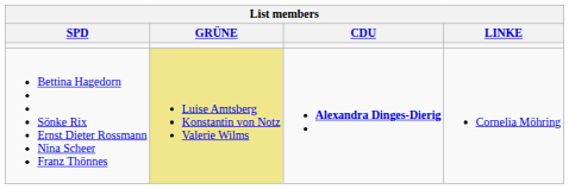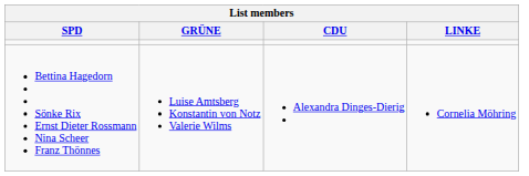 <table class=wikitable>
 <tr>
 <th colspan=4>List members</th>
 </tr>
 <tr>
 <th><a href='#'>SPD</a></th>
 <th><a href='#'>GRÜNE</a></th>
 <th><a href='#'>CDU</a></th>
 <th><a href='#'>LINKE</a></th>
 </tr>
 <tr>
 <td bgcolor=></td>
 <td bgcolor=></td>
 <td bgcolor=></td>
 <td bgcolor=></td>
 </tr>
 <tr>
 <td><br><ul><li><a href='#'>Bettina Hagedorn</a></li><li></li><li></li><li><a href='#'>Sönke Rix</a></li><li><a href='#'>Ernst Dieter Rossmann</a></li><li><a href='#'>Nina Scheer</a></li><li><a href='#'>Franz Thönnes</a></li></ul></td>
-<td style="background: khaki;"><br><ul><li><a href='#'>Luise Amtsberg</a></li><li><a href='#'>Konstantin von Notz</a></li><li><a href='#'>Valerie Wilms</a></li></ul></td>
-<td><strong><br><ul><li><a href='#'>Alexandra Dinges-Dierig</a></li><li></li></ul></strong></td>
+<td><br><ul><li><a href='#'>Luise Amtsberg</a></li><li><a href='#'>Konstantin von Notz</a></li><li><a href='#'>Valerie Wilms</a></li></ul></td>
+<td><br><ul><li><a href='#'>Alexandra Dinges-Dierig</a></li><li></li></ul></td>
 <td><br><ul><li><a href='#'>Cornelia Möhring</a></li></ul></td>
 </tr>
 </table>
